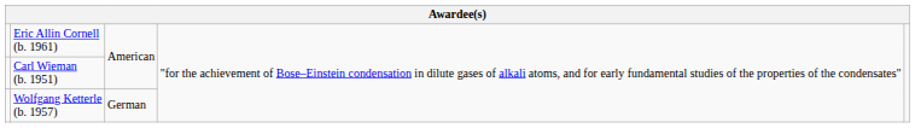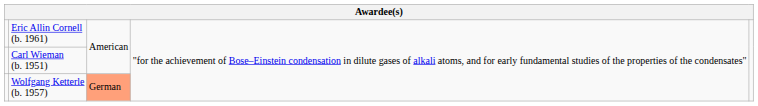 <table class="wikitable">
 <tr>
 <th colspan="5">Awardee(s)</th>
 </tr>
 <tr>
 <td></td>
 <td><a href='#'>Eric Allin Cornell</a><br>(b. 1961)</td>
 <td rowspan="2"> American</td>
 <td rowspan="3">"for the achievement of <a href='#'>Bose–Einstein condensation</a> in dilute gases of <a href='#'>alkali</a> atoms, and for early fundamental studies of the properties of the condensates"</td>
 <td rowspan="3"></td>
 </tr>
 <tr>
 <td></td>
 <td><a href='#'>Carl Wieman</a><br>(b. 1951)</td>
 </tr>
 <tr>
 <td></td>
 <td><a href='#'>Wolfgang Ketterle</a><br>(b. 1957)</td>
-<td> German</td>
+<td style="background: lightsalmon;"> German</td>
 </tr>
 </table>
